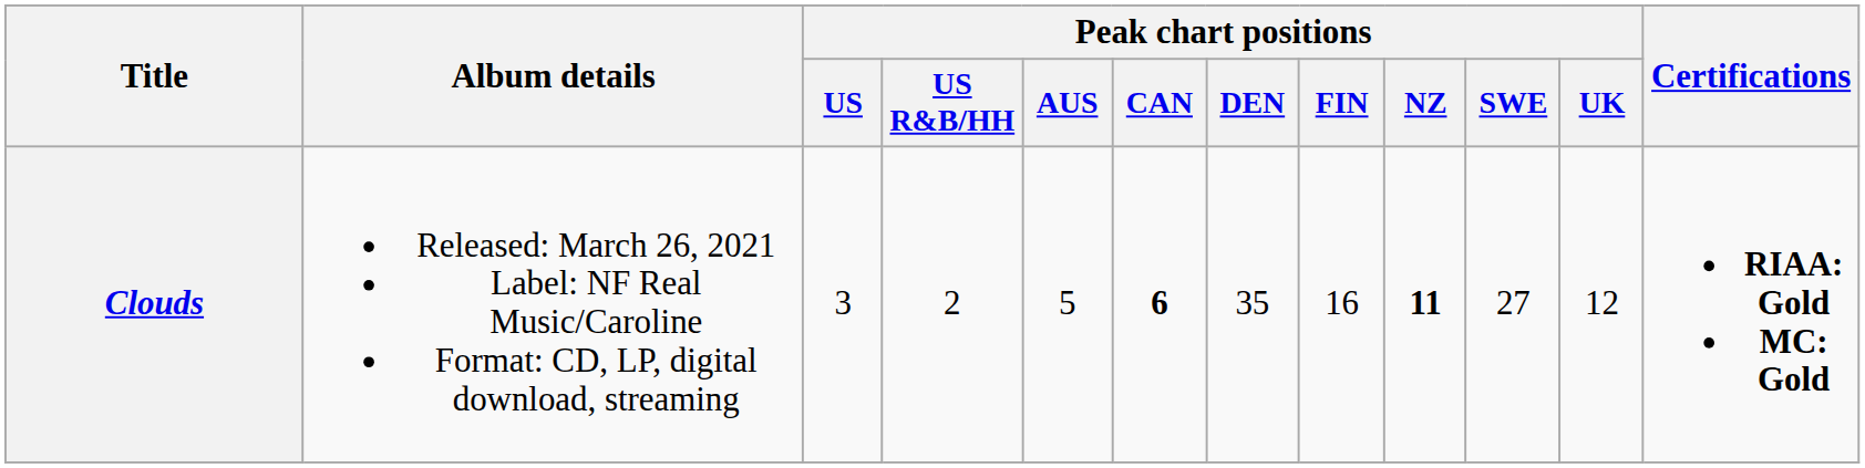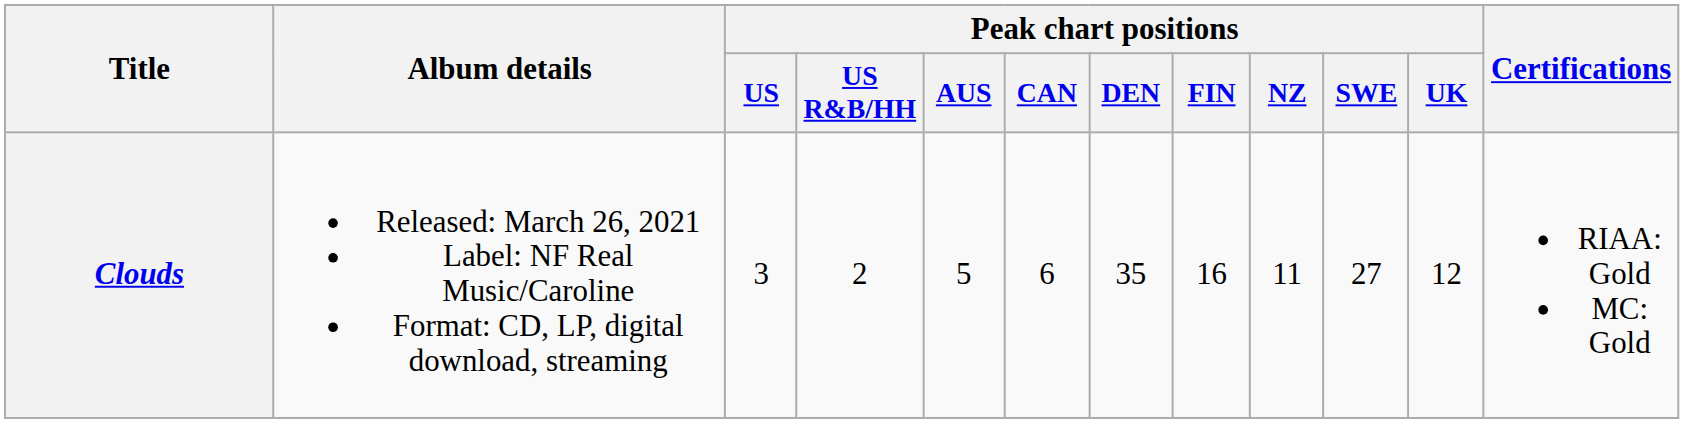 <table class="wikitable plainrowheaders" style="text-align:center;">
 <tr>
 <th scope="col" rowspan="2" style="width:14em;">Title</th>
 <th scope="col" rowspan="2" style="width:20em;">Album details</th>
 <th scope="col" colspan="9">Peak chart positions</th>
 <th scope="col" rowspan="2"><a href='#'>Certifications</a></th>
 </tr>
 <tr>
 <th scope="col" style="width:3em;font-size:90%;"><a href='#'>US</a><br></th>
 <th scope="col" style="width:3em;font-size:90%;"><a href='#'>US<br>R&B/HH</a><br></th>
 <th scope="col" style="width:3em;font-size:90%;"><a href='#'>AUS</a><br></th>
 <th scope="col" style="width:3em;font-size:90%;"><a href='#'>CAN</a><br></th>
 <th scope="col" style="width:3em;font-size:90%;"><a href='#'>DEN</a><br></th>
 <th scope="col" style="width:3em;font-size:90%;"><a href='#'>FIN</a><br></th>
 <th scope="col" style="width:3em;font-size:90%;"><a href='#'>NZ</a><br></th>
 <th scope="col" style="width:3em;font-size:90%;"><a href='#'>SWE</a><br></th>
 <th scope="col" style="width:3em;font-size:90%;"><a href='#'>UK</a><br></th>
 </tr>
 <tr>
 <th scope="row"><em><a href='#'>Clouds</a></em></th>
 <td><br><ul><li>Released: March 26, 2021</li><li>Label: NF Real Music/Caroline</li><li>Format: CD, LP, digital download, streaming</li></ul></td>
 <td>3</td>
 <td>2</td>
 <td>5</td>
-<td><strong>6</strong></td>
+<td>6</td>
 <td>35</td>
 <td>16</td>
-<td><strong>11</strong></td>
+<td>11</td>
 <td>27</td>
 <td>12</td>
-<td><strong><br><ul><li>RIAA: Gold</li><li>MC: Gold</li></ul></strong></td>
+<td><br><ul><li>RIAA: Gold</li><li>MC: Gold</li></ul></td>
 </tr>
 </table>
